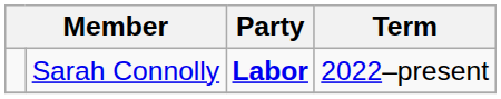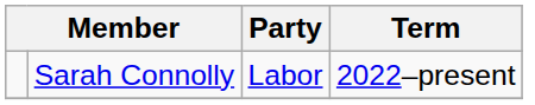 <table class="wikitable">
 <tr>
 <th colspan="2">Member</th>
 <th>Party</th>
 <th>Term</th>
 </tr>
 <tr>
 <td> </td>
 <td><a href='#'>Sarah Connolly</a></td>
-<td><strong><a href='#'>Labor</a></strong></td>
+<td><a href='#'>Labor</a></td>
 <td><a href='#'>2022</a>–present</td>
 </tr>
 <tr>
 </tr>
 </table>
